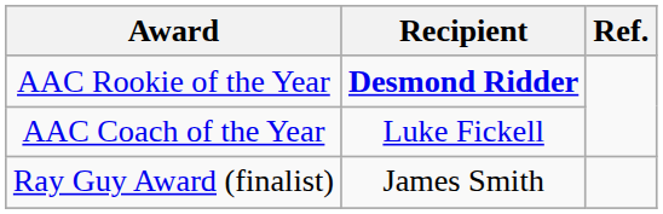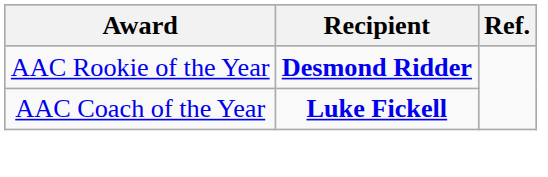 <table class="wikitable sortable sortable" style="text-align: center">
 <tr align=center>
 <th>Award</th>
 <th>Recipient</th>
 <th>Ref.</th>
 </tr>
 <tr>
 <td><a href='#'>AAC Rookie of the Year</a></td>
 <td><strong><a href='#'>Desmond Ridder</a></strong></td>
 <td rowspan="2"></td>
 </tr>
 <tr>
 <td><a href='#'>AAC Coach of the Year</a></td>
-<td><a href='#'>Luke Fickell</a></td>
-</tr>
-<tr>
-<td><a href='#'>Ray Guy Award</a> (finalist)</td>
-<td>James Smith</td>
-<td></td>
+<td><strong><a href='#'>Luke Fickell</a></strong></td>
 </tr>
 </table>
